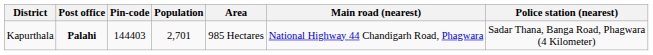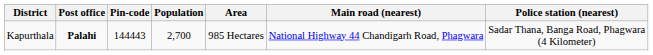 <table class="wikitable" style="text-align:center; hight:70%;">
 <tr>
 <th>District</th>
 <th>Post office</th>
 <th>Pin-code</th>
 <th>Population</th>
 <th>Area</th>
 <th>Main road (nearest)</th>
 <th>Police station (nearest)</th>
 </tr>
 <tr -bgcolor="#ffffff">
 <td>Kapurthala</td>
 <td><strong>Palahi</strong></td>
-<td>144403</td>
-<td>2,701</td>
+<td>144443</td>
+<td>2,700</td>
 <td>985 Hectares</td>
 <td><a href='#'>National Highway 44</a> Chandigarh Road, <a href='#'>Phagwara</a></td>
 <td>Sadar Thana, Banga Road, Phagwara <br> (4 Kilometer)</td>
 </tr>
 </table>
